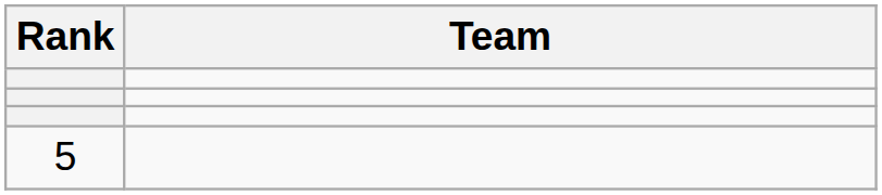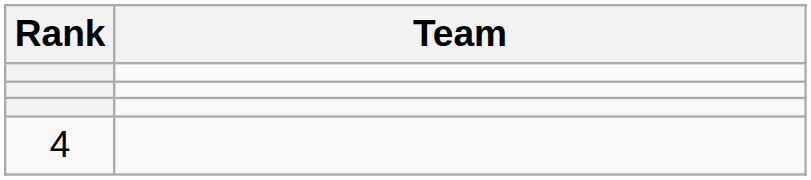 <table class="wikitable" style="text-align: center;">
 <tr>
 <th width=40>Rank</th>
 <th width=290>Team</th>
 </tr>
 <tr>
 <th></th>
 <td style="text-align:left;"><strong></strong></td>
 </tr>
 <tr>
 <th></th>
 <td style="text-align:left;"></td>
 </tr>
 <tr>
 <th></th>
 <td style="text-align:left;"></td>
 </tr>
 <tr>
-<td>5</td>
+<td>4</td>
 <td style="text-align:left;"></td>
 </tr>
 </table>
